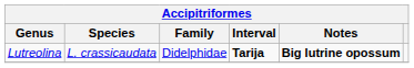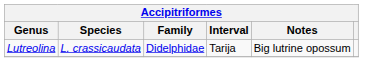 <table class="wikitable">
 <tr>
 <th colspan="6"><a href='#'>Accipitriformes</a></th>
 </tr>
 <tr>
 <th>Genus</th>
 <th>Species</th>
 <th>Family</th>
 <th>Interval</th>
 <th>Notes</th>
 <th></th>
 </tr>
 <tr>
 <td><em><a href='#'>Lutreolina</a></em></td>
 <td><em><a href='#'> L. crassicaudata</a></em></td>
 <td><a href='#'>Didelphidae</a></td>
-<td><strong>Tarija </strong></td>
-<td><strong>Big lutrine opossum</strong></td>
+<td>Tarija </td>
+<td>Big lutrine opossum</td>
 <td></td>
 </tr>
 <tr>
 </tr>
 </table>
